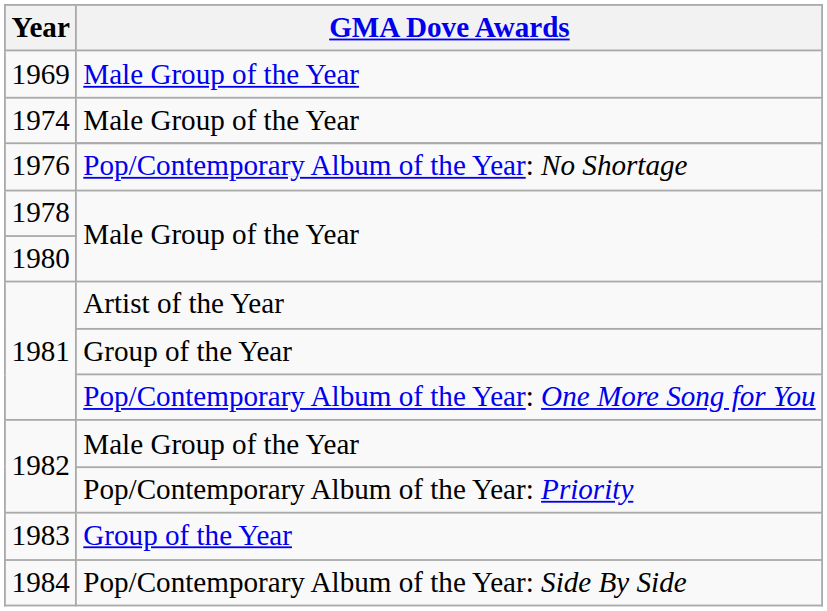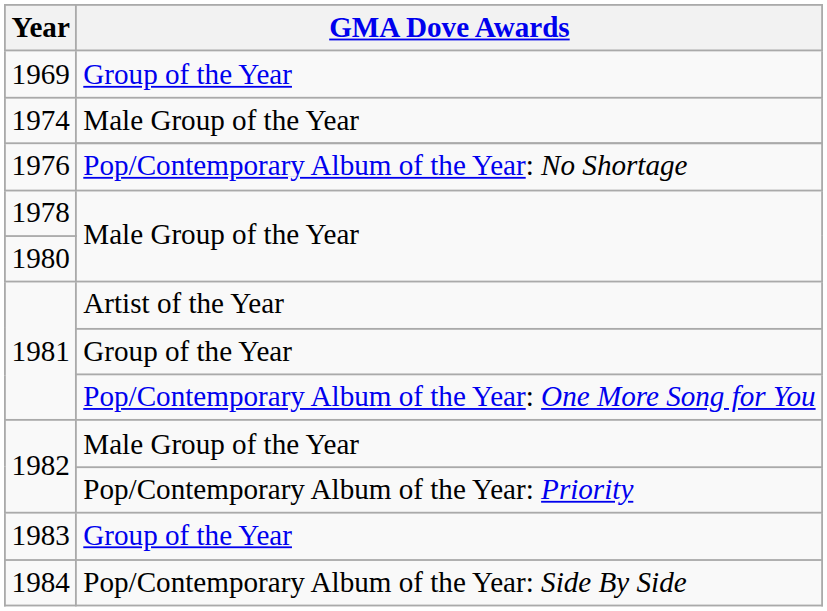 <table class="wikitable">
 <tr>
 <th>Year</th>
 <th><a href='#'>GMA Dove Awards</a></th>
 </tr>
 <tr>
 <td>1969</td>
-<td><a href='#'>Male Group of the Year</a></td>
+<td><a href='#'>Group of the Year</a></td>
 </tr>
 <tr>
 <td>1974</td>
 <td>Male Group of the Year</td>
 </tr>
 <tr>
 <td rowspan="2">1976</td>
 </tr>
 <tr>
 <td><a href='#'>Pop/Contemporary Album of the Year</a>: <em>No Shortage</em></td>
 </tr>
 <tr>
 <td>1978</td>
 <td rowspan="2">Male Group of the Year</td>
 </tr>
 <tr>
 <td>1980</td>
 </tr>
 <tr>
 <td rowspan="3">1981</td>
 <td>Artist of the Year</td>
 </tr>
 <tr>
 <td>Group of the Year</td>
 </tr>
 <tr>
 <td><a href='#'>Pop/Contemporary Album of the Year</a>: <em><a href='#'>One More Song for You</a></em></td>
 </tr>
 <tr>
 <td rowspan="2">1982</td>
 <td>Male Group of the Year</td>
 </tr>
 <tr>
 <td>Pop/Contemporary Album of the Year: <em><a href='#'>Priority</a></em></td>
 </tr>
 <tr>
 <td>1983</td>
 <td><a href='#'>Group of the Year</a></td>
 </tr>
 <tr>
 <td>1984</td>
 <td>Pop/Contemporary Album of the Year: <em>Side By Side</em></td>
 </tr>
 </table>
